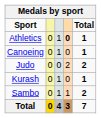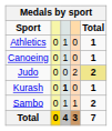 <table class=wikitable style="font-size:85%; float:right;text-align:center">
 <tr bgcolor=EFEFEF>
 <th colspan=7><strong>Medals by sport</strong></th>
 </tr>
 <tr>
 <td><strong>Sport</strong></td>
 <td bgcolor=F7F6A8></td>
 <td bgcolor=DCE5E5></td>
 <td bgcolor=FFDBA9></td>
 <td><strong>Total</strong></td>
 </tr>
 <tr>
 <td><a href='#'>Athletics</a></td>
 <td bgcolor=F7F6A8>0</td>
 <td bgcolor=DCE5E5>1</td>
-<td bgcolor=FFDAB9><strong>0</strong></td>
+<td bgcolor=FFDAB9>0</td>
 <td><strong>1</strong></td>
 </tr>
 <tr>
 <td><a href='#'>Canoeing</a></td>
 <td bgcolor=F7F6A8>0</td>
 <td bgcolor=DCE5E5>1</td>
 <td bgcolor=FFDAB9>0</td>
 <td><strong>1</strong></td>
 </tr>
 <tr>
 <td><a href='#'>Judo</a></td>
 <td bgcolor=F7F6A8>0</td>
 <td bgcolor=DCE5E5>0</td>
 <td bgcolor=FFDAB9>2</td>
-<td><strong>2</strong></td>
+<td style="background: khaki;"><strong>2</strong></td>
 </tr>
 <tr>
 <td><a href='#'>Kurash</a></td>
 <td bgcolor=F7F6A8>0</td>
-<td bgcolor=DCE5E5>1</td>
+<td bgcolor=DCE5E5><strong>1</strong></td>
 <td bgcolor=FFDAB9>0</td>
 <td><strong>1</strong></td>
 </tr>
 <tr>
 <td><a href='#'>Sambo</a></td>
 <td bgcolor=F7F6A8>0</td>
 <td bgcolor=DCE5E5>1</td>
 <td bgcolor=FFDAB9>1</td>
 <td><strong>2</strong></td>
 </tr>
 <tr>
 <th><strong>Total</strong></th>
 <td style="background:gold;"><strong>0</strong></td>
 <td style="background:silver;"><strong>4</strong></td>
 <td style="background:#c96;"><strong>3</strong></td>
 <td><strong>7</strong></td>
 </tr>
 </table>
